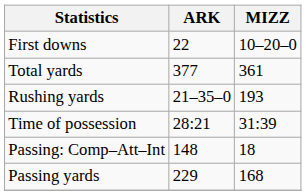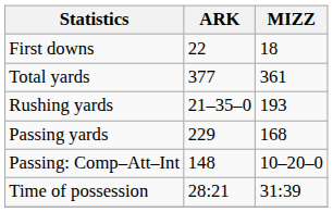 <table class="wikitable" style="float: left;">
 <tr>
 <th>Statistics</th>
 <th>ARK</th>
 <th>MIZZ</th>
 </tr>
 <tr>
 <td>First downs</td>
 <td>22</td>
-<td>10–20–0</td>
+<td>18</td>
 </tr>
 <tr>
 <td>Total yards</td>
 <td>377</td>
 <td>361</td>
 </tr>
 <tr>
 <td>Rushing yards</td>
 <td>21–35–0</td>
 <td>193</td>
 </tr>
 <tr>
+<td>Passing yards</td>
+<td>229</td>
+<td>168</td>
+</tr>
+<tr>
+<td>Passing: Comp–Att–Int</td>
+<td>148</td>
+<td>10–20–0</td>
+</tr>
+<tr>
 <td>Time of possession</td>
 <td>28:21</td>
 <td>31:39</td>
 </tr>
 <tr>
-<td>Passing: Comp–Att–Int</td>
-<td>148</td>
-<td>18</td>
-</tr>
-<tr>
-<td>Passing yards</td>
-<td>229</td>
-<td>168</td>
-</tr>
-<tr>
 </tr>
 </table>
